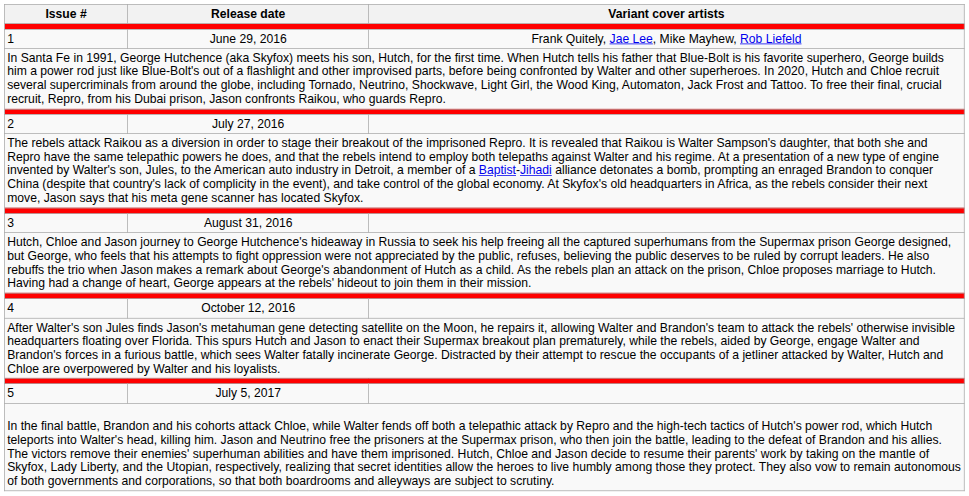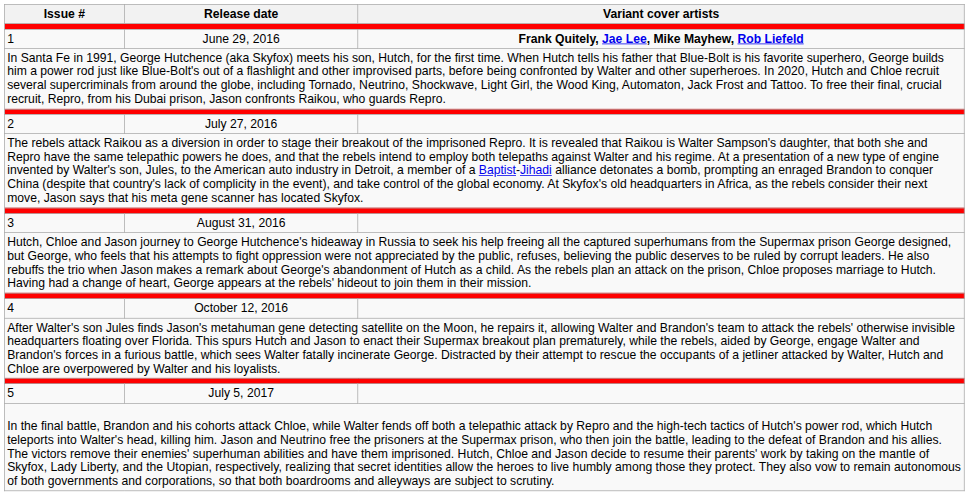 <table class="wikitable" style="width:100%;">
 <tr>
 <th>Issue #</th>
 <th>Release date</th>
 <th>Variant cover artists</th>
 </tr>
 <tr>
 <td colspan="6" style="background:red"></td>
 </tr>
 <tr>
 <td>1</td>
 <td style="text-align:center;">June 29, 2016</td>
-<td style="text-align:center;">Frank Quitely, <a href='#'>Jae Lee</a>, Mike Mayhew, <a href='#'>Rob Liefeld</a></td>
+<td style="text-align:center;"><strong>Frank Quitely, <a href='#'>Jae Lee</a>, Mike Mayhew, <a href='#'>Rob Liefeld</a></strong></td>
 </tr>
 <tr>
 <td colspan="6">In Santa Fe in 1991, George Hutchence (aka Skyfox) meets his son, Hutch, for the first time. When Hutch tells his father that Blue-Bolt is his favorite superhero, George builds him a power rod just like Blue-Bolt's out of a flashlight and other improvised parts, before being confronted by Walter and other superheroes. In 2020, Hutch and Chloe recruit several supercriminals from around the globe, including Tornado, Neutrino, Shockwave, Light Girl, the Wood King, Automaton, Jack Frost and Tattoo. To free their final, crucial recruit, Repro, from his Dubai prison, Jason confronts Raikou, who guards Repro.</td>
 </tr>
 <tr>
 <td colspan="6" style="background:red"></td>
 </tr>
 <tr>
 <td>2</td>
 <td style="text-align:center;">July 27, 2016</td>
 <td style="text-align:center;"></td>
 </tr>
 <tr>
 <td colspan="6">The rebels attack Raikou as a diversion in order to stage their breakout of the imprisoned Repro. It is revealed that Raikou is Walter Sampson's daughter, that both she and Repro have the same telepathic powers he does, and that the rebels intend to employ both telepaths against Walter and his regime. At a presentation of a new type of engine invented by Walter's son, Jules, to the American auto industry in Detroit, a member of a <a href='#'>Baptist</a>-<a href='#'>Jihadi</a> alliance detonates a bomb, prompting an enraged Brandon to conquer China (despite that country's lack of complicity in the event), and take control of the global economy. At Skyfox's old headquarters in Africa, as the rebels consider their next move, Jason says that his meta gene scanner has located Skyfox.</td>
 </tr>
 <tr>
 <td colspan="6" style="background:red"></td>
 </tr>
 <tr>
 <td>3</td>
 <td style="text-align:center;">August 31, 2016</td>
 <td style="text-align:center;"></td>
 </tr>
 <tr>
 <td colspan="6">Hutch, Chloe and Jason journey to George Hutchence's hideaway in Russia to seek his help freeing all the captured superhumans from the Supermax prison George designed, but George, who feels that his attempts to fight oppression were not appreciated by the public, refuses, believing the public deserves to be ruled by corrupt leaders. He also rebuffs the trio when Jason makes a remark about George's abandonment of Hutch as a child. As the rebels plan an attack on the prison, Chloe proposes marriage to Hutch. Having had a change of heart, George appears at the rebels' hideout to join them in their mission.</td>
 </tr>
 <tr>
 <td colspan="6" style="background:red"></td>
 </tr>
 <tr>
 <td>4</td>
 <td style="text-align:center;">October 12, 2016</td>
 <td style="text-align:center;"></td>
 </tr>
 <tr>
 <td colspan="6">After Walter's son Jules finds Jason's metahuman gene detecting satellite on the Moon, he repairs it, allowing Walter and Brandon's team to attack the rebels' otherwise invisible headquarters floating over Florida. This spurs Hutch and Jason to enact their Supermax breakout plan prematurely, while the rebels, aided by George, engage Walter and Brandon's forces in a furious battle, which sees Walter fatally incinerate George. Distracted by their attempt to rescue the occupants of a jetliner attacked by Walter, Hutch and Chloe are overpowered by Walter and his loyalists.</td>
 </tr>
 <tr>
 <td colspan="6" style="background:red"></td>
 </tr>
 <tr>
 <td>5</td>
 <td style="text-align:center;">July 5, 2017</td>
 <td style="text-align:center;"></td>
 </tr>
 <tr>
 <td colspan="6"><br>In the final battle, Brandon and his cohorts attack Chloe, while Walter fends off both a telepathic attack by Repro and the high-tech tactics of Hutch's power rod, which Hutch teleports into Walter's head, killing him. Jason and Neutrino free the prisoners at the Supermax prison, who then join the battle, leading to the defeat of Brandon and his allies. The victors remove their enemies' superhuman abilities and have them imprisoned. Hutch, Chloe and Jason decide to resume their parents' work by taking on the mantle of Skyfox, Lady Liberty, and the Utopian, respectively, realizing that secret identities allow the heroes to live humbly among those they protect. They also vow to remain autonomous of both governments and corporations, so that both boardrooms and alleyways are subject to scrutiny.</td>
 </tr>
 </table>
